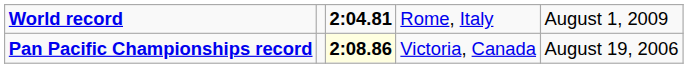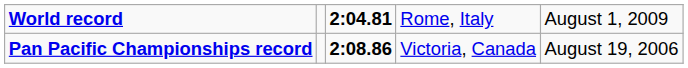 <table class="wikitable">
 <tr>
 <td><strong><a href='#'>World record</a></strong></td>
 <td></td>
 <td><strong>2:04.81</strong></td>
 <td><a href='#'>Rome</a>, <a href='#'>Italy</a></td>
 <td>August 1, 2009</td>
 </tr>
 <tr>
 <td><strong><a href='#'>Pan Pacific Championships record</a></strong></td>
 <td></td>
-<td style="background: lightyellow;"><strong>2:08.86</strong></td>
+<td><strong>2:08.86</strong></td>
 <td><a href='#'>Victoria</a>, <a href='#'>Canada</a></td>
 <td>August 19, 2006</td>
 </tr>
 </table>
